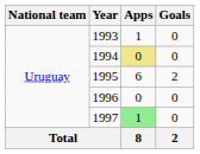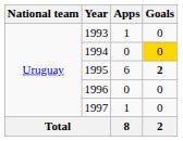 <table class="wikitable" style="text-align:center">
 <tr>
 <th>National team</th>
 <th>Year</th>
 <th>Apps</th>
 <th>Goals</th>
 </tr>
 <tr>
 <td rowspan="5"><a href='#'>Uruguay</a></td>
 <td>1993</td>
 <td>1</td>
 <td>0</td>
 </tr>
 <tr>
 <td>1994</td>
-<td style="background: khaki;">0</td>
 <td>0</td>
+<td style="background: gold;">0</td>
 </tr>
 <tr>
 <td>1995</td>
 <td>6</td>
-<td>2</td>
+<td><strong>2</strong></td>
 </tr>
 <tr>
 <td>1996</td>
 <td>0</td>
 <td>0</td>
 </tr>
 <tr>
 <td>1997</td>
-<td style="background: lightgreen;">1</td>
+<td>1</td>
 <td>0</td>
 </tr>
 <tr>
 <th colspan="2">Total</th>
 <th>8</th>
 <th>2</th>
 </tr>
 </table>
